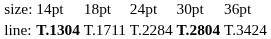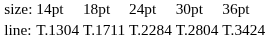 <table style="margin-left:40px;">
 <tr>
 <td>size:</td>
 <td>14pt</td>
 <td>18pt</td>
 <td>24pt</td>
 <td>30pt</td>
 <td>36pt</td>
 </tr>
 <tr>
 <td>line:</td>
-<td><strong>T.1304</strong></td>
+<td>T.1304</td>
 <td>T.1711</td>
 <td>T.2284</td>
-<td><strong>T.2804</strong></td>
+<td>T.2804</td>
 <td>T.3424</td>
 </tr>
 </table>
